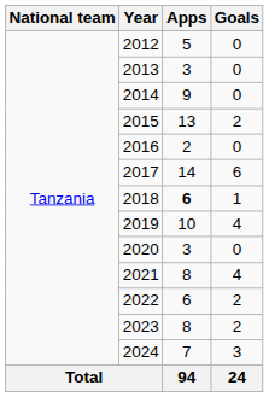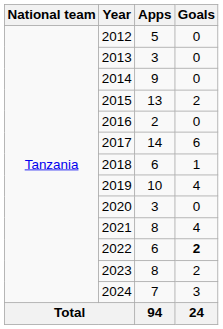 <table class="wikitable" style="text-align:center">
 <tr>
 <th>National team</th>
 <th>Year</th>
 <th>Apps</th>
 <th>Goals</th>
 </tr>
 <tr>
 <td rowspan="13"><a href='#'>Tanzania</a></td>
 <td>2012</td>
 <td>5</td>
 <td>0</td>
 </tr>
 <tr>
 <td>2013</td>
 <td>3</td>
 <td>0</td>
 </tr>
 <tr>
 <td>2014</td>
 <td>9</td>
 <td>0</td>
 </tr>
 <tr>
 <td>2015</td>
 <td>13</td>
 <td>2</td>
 </tr>
 <tr>
 <td>2016</td>
 <td>2</td>
 <td>0</td>
 </tr>
 <tr>
 <td>2017</td>
 <td>14</td>
 <td>6</td>
 </tr>
 <tr>
 <td>2018</td>
-<td><strong>6</strong></td>
+<td>6</td>
 <td>1</td>
 </tr>
 <tr>
 <td>2019</td>
 <td>10</td>
 <td>4</td>
 </tr>
 <tr>
 <td>2020</td>
 <td>3</td>
 <td>0</td>
 </tr>
 <tr>
 <td>2021</td>
 <td>8</td>
 <td>4</td>
 </tr>
 <tr>
 <td>2022</td>
 <td>6</td>
-<td>2</td>
+<td><strong>2</strong></td>
 </tr>
 <tr>
 <td>2023</td>
 <td>8</td>
 <td>2</td>
 </tr>
 <tr>
 <td>2024</td>
 <td>7</td>
 <td>3</td>
 </tr>
 <tr>
 <th colspan="2">Total</th>
 <th>94</th>
 <th>24</th>
 </tr>
 </table>
